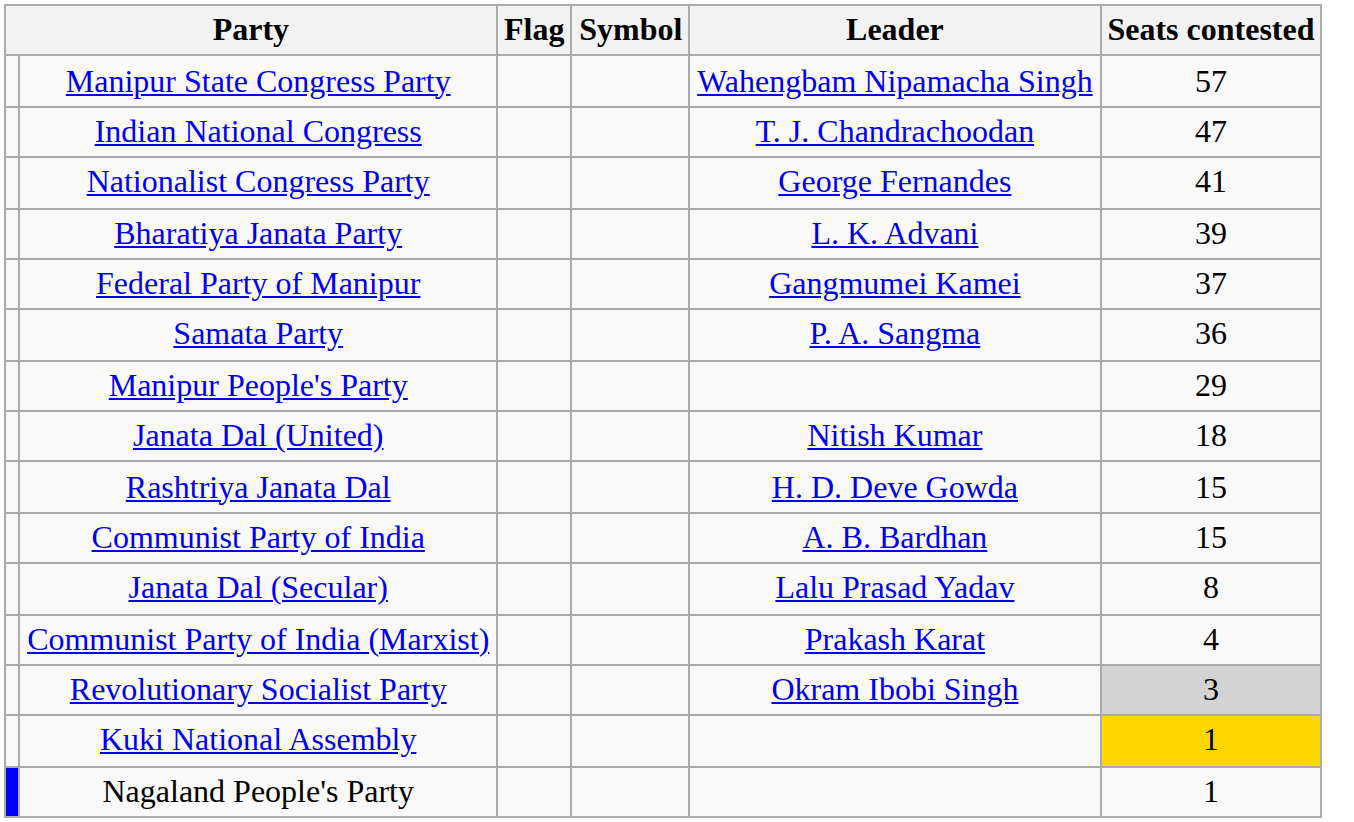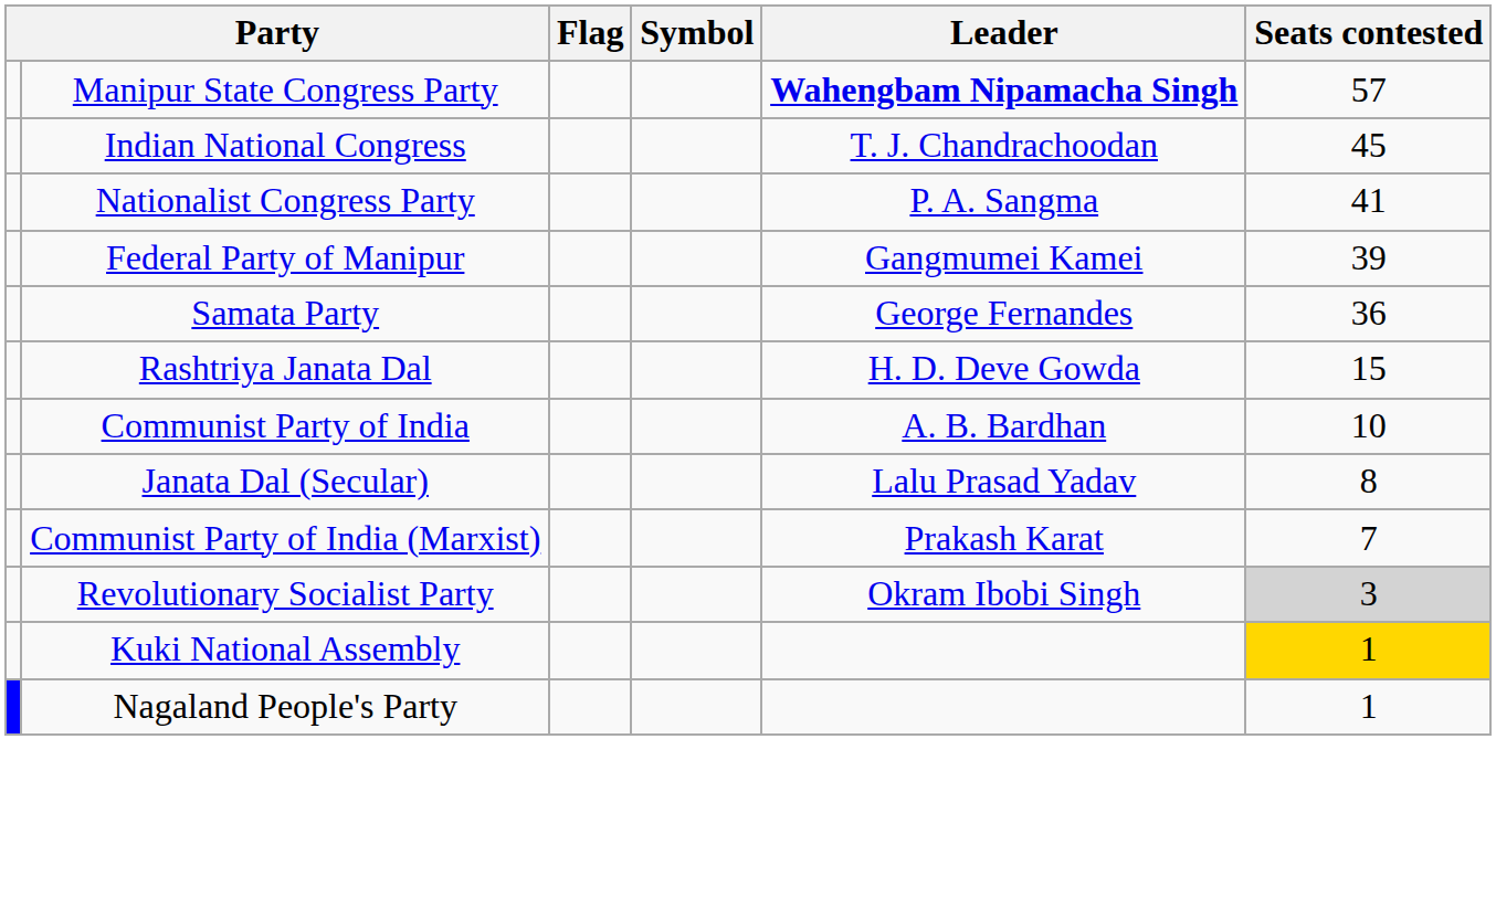 <table class="wikitable" style="text-align:center;">
 <tr>
 <th colspan="2">Party</th>
 <th>Flag</th>
 <th>Symbol</th>
 <th>Leader</th>
 <th>Seats contested</th>
 </tr>
 <tr>
 <td></td>
 <td><a href='#'>Manipur State Congress Party</a></td>
 <td></td>
 <td></td>
-<td><a href='#'>Wahengbam Nipamacha Singh</a></td>
+<td><strong><a href='#'>Wahengbam Nipamacha Singh</a></strong></td>
 <td>57</td>
 </tr>
 <tr>
 <td></td>
 <td><a href='#'>Indian National Congress</a></td>
 <td></td>
 <td></td>
 <td><a href='#'>T. J. Chandrachoodan</a></td>
-<td>47</td>
+<td>45</td>
 </tr>
 <tr>
 <td></td>
 <td><a href='#'>Nationalist Congress Party</a></td>
 <td></td>
 <td></td>
-<td><a href='#'>George Fernandes</a></td>
+<td><a href='#'>P. A. Sangma</a></td>
 <td>41</td>
-</tr>
-<tr>
-<td></td>
-<td><a href='#'>Bharatiya Janata Party</a></td>
-<td></td>
-<td></td>
-<td><a href='#'>L. K. Advani</a></td>
-<td>39</td>
 </tr>
 <tr>
 <td></td>
 <td><a href='#'>Federal Party of Manipur</a></td>
 <td></td>
 <td></td>
 <td><a href='#'>Gangmumei Kamei</a></td>
-<td>37</td>
+<td>39</td>
 </tr>
 <tr>
 <td></td>
 <td><a href='#'>Samata Party</a></td>
 <td></td>
 <td></td>
-<td><a href='#'>P. A. Sangma</a></td>
+<td><a href='#'>George Fernandes</a></td>
 <td>36</td>
-</tr>
-<tr>
-<td></td>
-<td><a href='#'>Manipur People's Party</a></td>
-<td></td>
-<td></td>
-<td></td>
-<td>29</td>
-</tr>
-<tr>
-<td></td>
-<td><a href='#'>Janata Dal (United)</a></td>
-<td></td>
-<td></td>
-<td><a href='#'>Nitish Kumar</a></td>
-<td>18</td>
 </tr>
 <tr>
 <td></td>
 <td><a href='#'>Rashtriya Janata Dal</a></td>
 <td></td>
 <td></td>
 <td><a href='#'>H. D. Deve Gowda</a></td>
 <td>15</td>
 </tr>
 <tr>
 <td></td>
 <td><a href='#'>Communist Party of India</a></td>
 <td></td>
 <td></td>
 <td><a href='#'>A. B. Bardhan</a></td>
-<td>15</td>
+<td>10</td>
 </tr>
 <tr>
 <td></td>
 <td><a href='#'>Janata Dal (Secular)</a></td>
 <td></td>
 <td></td>
 <td><a href='#'>Lalu Prasad Yadav</a></td>
 <td>8</td>
 </tr>
 <tr>
 <td></td>
 <td><a href='#'>Communist Party of India (Marxist)</a></td>
 <td></td>
 <td></td>
 <td><a href='#'>Prakash Karat</a></td>
-<td>4</td>
+<td>7</td>
 </tr>
 <tr>
 <td></td>
 <td><a href='#'>Revolutionary Socialist Party</a></td>
 <td></td>
 <td></td>
 <td><a href='#'>Okram Ibobi Singh</a></td>
 <td style="background: lightgrey;">3</td>
 </tr>
 <tr>
 <td></td>
 <td><a href='#'>Kuki National Assembly</a></td>
 <td></td>
 <td></td>
 <td></td>
 <td style="background: gold;">1</td>
 </tr>
 <tr>
 <td style="background-color: blue;"></td>
 <td>Nagaland People's Party</td>
 <td></td>
 <td></td>
 <td></td>
 <td>1</td>
 </tr>
 </table>
